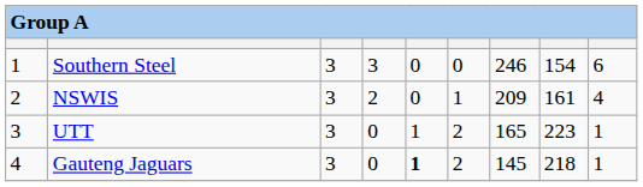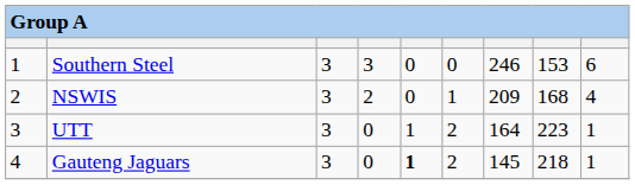 <table class="wikitable collapsible">
 <tr>
 <td colspan=11 style="background-color:#ABCDEF"><strong>Group A</strong></td>
 </tr>
 <tr>
 <th width="25"></th>
 <th width="200"></th>
 <th width="25"></th>
 <th width="25"></th>
 <th width="25"></th>
 <th width="25"></th>
 <th width="30"></th>
 <th width="30"></th>
 <th width="30"></th>
 </tr>
 <tr style="background:#">
 <td>1</td>
 <td style="text-align:left"> <a href='#'>Southern Steel</a></td>
 <td>3</td>
 <td>3</td>
 <td>0</td>
 <td>0</td>
 <td>246</td>
-<td>154</td>
+<td>153</td>
 <td>6</td>
 </tr>
 <tr style="background:#">
 <td>2</td>
 <td style="text-align:left"> <a href='#'>NSWIS</a></td>
 <td>3</td>
 <td>2</td>
 <td>0</td>
 <td>1</td>
 <td>209</td>
-<td>161</td>
+<td>168</td>
 <td>4</td>
 </tr>
 <tr style="background:#">
 <td>3</td>
 <td style="text-align:left"> <a href='#'>UTT</a></td>
 <td>3</td>
 <td>0</td>
 <td>1</td>
 <td>2</td>
-<td>165</td>
+<td>164</td>
 <td>223</td>
 <td>1</td>
 </tr>
 <tr style="background:#">
 <td>4</td>
 <td style="text-align:left"> <a href='#'>Gauteng Jaguars</a></td>
 <td>3</td>
 <td>0</td>
 <td><strong>1</strong></td>
 <td>2</td>
 <td>145</td>
 <td>218</td>
 <td>1</td>
 </tr>
 <tr>
 </tr>
 </table>
